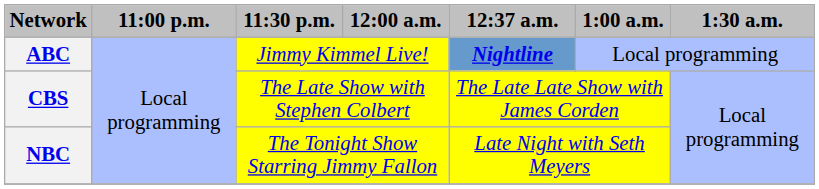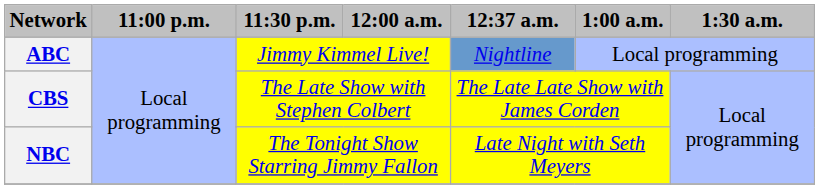 <table class="wikitable sortable" style="width:100%;margin-right:0;text-align:center">
 <tr>
 <th style="background-color:#C0C0C0;text-align:center">Network</th>
 <th style="background-color:#C0C0C0;text-align:center">11:00 p.m.</th>
 <th style="background-color:#C0C0C0;text-align:center">11:30 p.m.</th>
 <th style="background-color:#C0C0C0;text-align:center">12:00 a.m.</th>
 <th style="background-color:#C0C0C0;text-align:center">12:37 a.m.</th>
 <th style="background-color:#C0C0C0;text-align:center">1:00 a.m.</th>
 <th style="background-color:#C0C0C0;text-align:center">1:30 a.m.</th>
 </tr>
 <tr>
 <th><a href='#'>ABC</a></th>
 <td rowspan="3" style="background:#abbfff">Local programming</td>
 <td colspan="2" style="background:yellow"><em><a href='#'>Jimmy Kimmel Live!</a></em> </td>
-<td style="background: #6699CC"><strong><em><a href='#'>Nightline</a></em></strong></td>
+<td style="background: #6699CC"><em><a href='#'>Nightline</a></em></td>
 <td colspan="2" style="background:#abbfff">Local programming </td>
 </tr>
 <tr>
 <th><a href='#'>CBS</a></th>
 <td colspan="2" style="background:yellow"><em><a href='#'>The Late Show with Stephen Colbert</a></em> </td>
 <td colspan="2" style="background:yellow"><em><a href='#'>The Late Late Show with James Corden</a></em></td>
 <td rowspan="2" style="background:#abbfff">Local programming </td>
 </tr>
 <tr>
 <th><a href='#'>NBC</a></th>
 <td colspan="2" style="background:yellow"><em><a href='#'>The Tonight Show Starring Jimmy Fallon</a></em> </td>
 <td colspan="2" style="background:yellow"><em><a href='#'>Late Night with Seth Meyers</a></em></td>
 </tr>
 <tr>
 </tr>
 </table>
